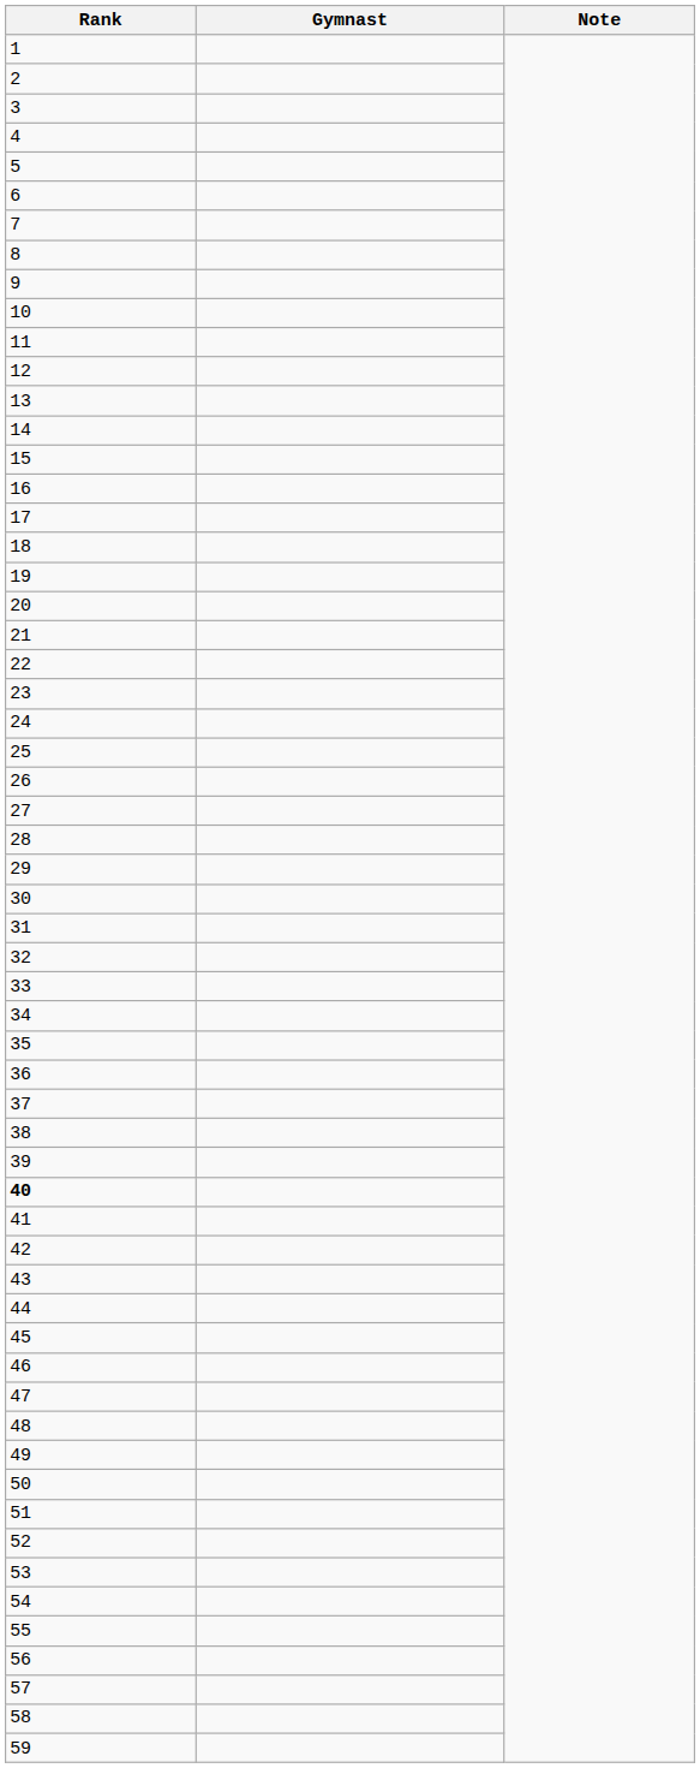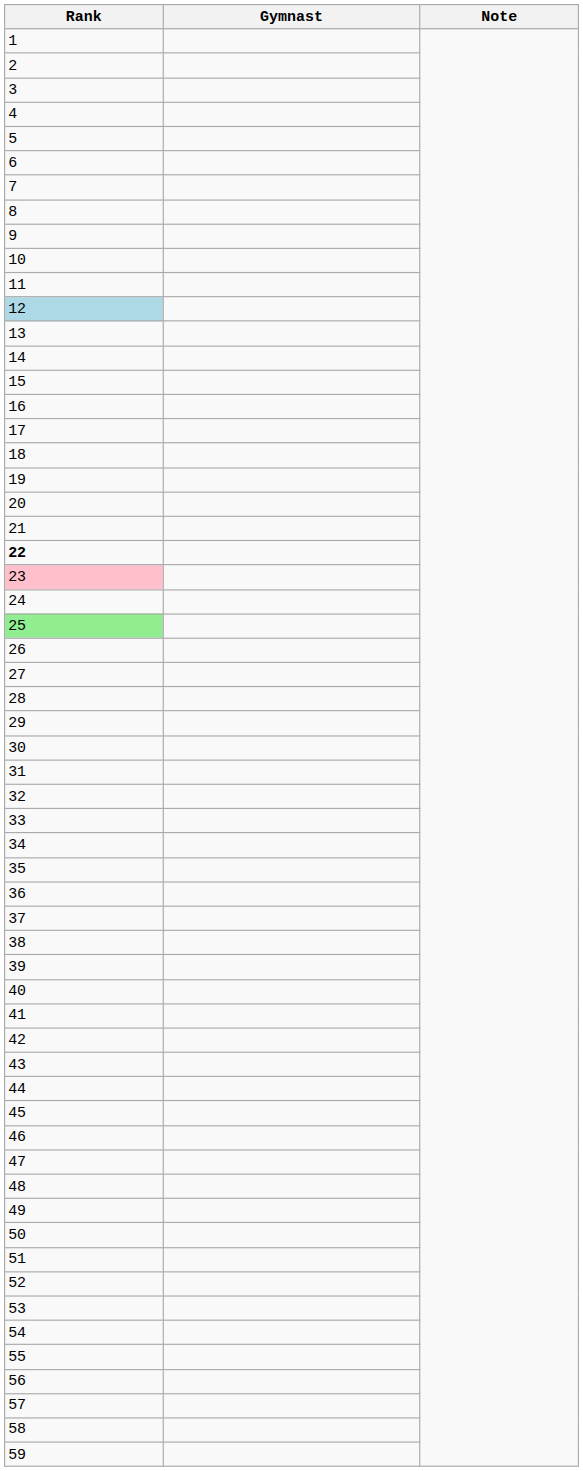 <table class="wikitable" width=500>
 <tr bgcolor="#efefef">
 <th>Rank</th>
 <th>Gymnast</th>
 <th>Note</th>
 </tr>
 <tr>
 <td>1</td>
 <td></td>
 </tr>
 <tr>
 <td>2</td>
 <td></td>
 </tr>
 <tr>
 <td>3</td>
 <td></td>
 </tr>
 <tr>
 <td>4</td>
 <td></td>
 </tr>
 <tr>
 <td>5</td>
 <td></td>
 </tr>
 <tr>
 <td>6</td>
 <td></td>
 </tr>
 <tr>
 <td>7</td>
 <td></td>
 </tr>
 <tr>
 <td>8</td>
 <td></td>
 </tr>
 <tr>
 <td>9</td>
 <td></td>
 </tr>
 <tr>
 <td>10</td>
 <td></td>
 </tr>
 <tr>
 <td>11</td>
 <td></td>
 </tr>
 <tr>
-<td>12</td>
+<td style="background: lightblue;">12</td>
 <td></td>
 </tr>
 <tr>
 <td>13</td>
 <td></td>
 </tr>
 <tr>
 <td>14</td>
 <td></td>
 </tr>
 <tr>
 <td>15</td>
 <td></td>
 </tr>
 <tr>
 <td>16</td>
 <td></td>
 </tr>
 <tr>
 <td>17</td>
 <td></td>
 </tr>
 <tr>
 <td>18</td>
 <td></td>
 </tr>
 <tr>
 <td>19</td>
 <td></td>
 </tr>
 <tr>
 <td>20</td>
 <td></td>
 </tr>
 <tr>
 <td>21</td>
 <td></td>
 </tr>
 <tr>
-<td>22</td>
+<td><strong>22</strong></td>
 <td></td>
 </tr>
 <tr>
-<td>23</td>
+<td style="background: pink;">23</td>
 <td></td>
 </tr>
 <tr>
 <td>24</td>
 <td></td>
 </tr>
 <tr>
-<td>25</td>
+<td style="background: lightgreen;">25</td>
 <td></td>
 </tr>
 <tr>
 <td>26</td>
 <td></td>
 </tr>
 <tr>
 <td>27</td>
 <td></td>
 </tr>
 <tr>
 <td>28</td>
 <td></td>
 </tr>
 <tr>
 <td>29</td>
 <td></td>
 </tr>
 <tr>
 <td>30</td>
 <td></td>
 </tr>
 <tr>
 <td>31</td>
 <td></td>
 </tr>
 <tr>
 <td>32</td>
 <td></td>
 </tr>
 <tr>
 <td>33</td>
 <td></td>
 </tr>
 <tr>
 <td>34</td>
 <td></td>
 </tr>
 <tr>
 <td>35</td>
 <td></td>
 </tr>
 <tr>
 <td>36</td>
 <td></td>
 </tr>
 <tr>
 <td>37</td>
 <td></td>
 </tr>
 <tr>
 <td>38</td>
 <td></td>
 </tr>
 <tr>
 <td>39</td>
 <td></td>
 </tr>
 <tr>
-<td><strong>40</strong></td>
+<td>40</td>
 <td></td>
 </tr>
 <tr>
 <td>41</td>
 <td></td>
 </tr>
 <tr>
 <td>42</td>
 <td></td>
 </tr>
 <tr>
 <td>43</td>
 <td></td>
 </tr>
 <tr>
 <td>44</td>
 <td></td>
 </tr>
 <tr>
 <td>45</td>
 <td></td>
 </tr>
 <tr>
 <td>46</td>
 <td></td>
 </tr>
 <tr>
 <td>47</td>
 <td></td>
 </tr>
 <tr>
 <td>48</td>
 <td></td>
 </tr>
 <tr>
 <td>49</td>
 <td></td>
 </tr>
 <tr>
 <td>50</td>
 <td></td>
 </tr>
 <tr>
 <td>51</td>
 <td></td>
 </tr>
 <tr>
 <td>52</td>
 <td></td>
 </tr>
 <tr>
 <td>53</td>
 <td></td>
 </tr>
 <tr>
 <td>54</td>
 <td></td>
 </tr>
 <tr>
 <td>55</td>
 <td></td>
 </tr>
 <tr>
 <td>56</td>
 <td></td>
 </tr>
 <tr>
 <td>57</td>
 <td></td>
 </tr>
 <tr>
 <td>58</td>
 <td></td>
 </tr>
 <tr>
 <td>59</td>
 <td></td>
 </tr>
 </table>
